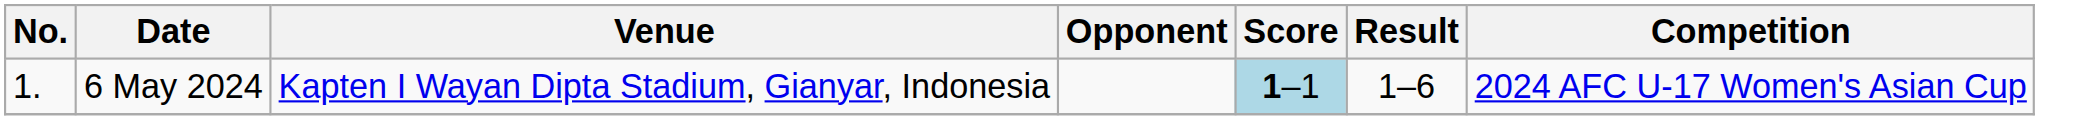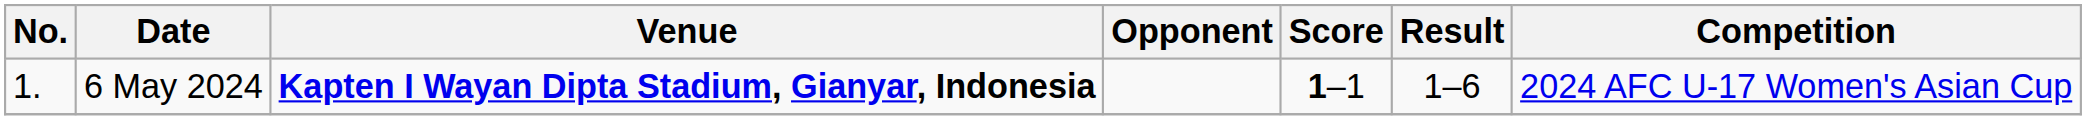 <table class="wikitable sortable">
 <tr>
 <th>No.</th>
 <th>Date</th>
 <th>Venue</th>
 <th>Opponent</th>
 <th>Score</th>
 <th>Result</th>
 <th>Competition</th>
 </tr>
 <tr>
 <td>1.</td>
 <td>6 May 2024</td>
-<td><a href='#'>Kapten I Wayan Dipta Stadium</a>, <a href='#'>Gianyar</a>, Indonesia</td>
+<td><strong><a href='#'>Kapten I Wayan Dipta Stadium</a>, <a href='#'>Gianyar</a>, Indonesia</strong></td>
 <td></td>
-<td align=center style="background: lightblue;"><strong>1</strong>–1</td>
+<td align=center><strong>1</strong>–1</td>
 <td align=center>1–6</td>
 <td><a href='#'>2024 AFC U-17 Women's Asian Cup</a></td>
 </tr>
 <tr>
 </tr>
 </table>
